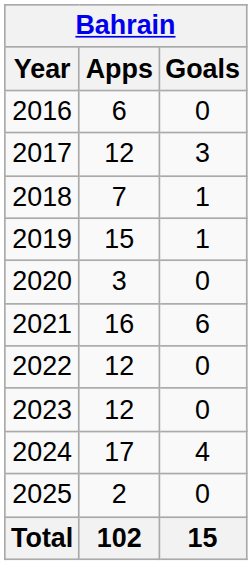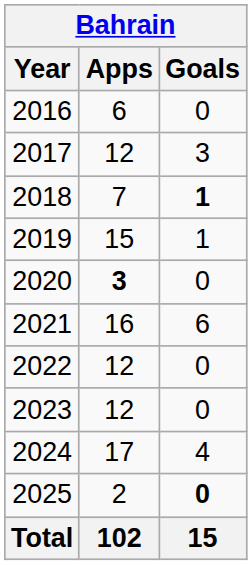 <table class="wikitable" style="text-align:center">
 <tr>
 <th colspan=3><a href='#'>Bahrain</a></th>
 </tr>
 <tr>
 <th>Year</th>
 <th>Apps</th>
 <th>Goals</th>
 </tr>
 <tr>
 <td>2016</td>
 <td>6</td>
 <td>0</td>
 </tr>
 <tr>
 <td>2017</td>
 <td>12</td>
 <td>3</td>
 </tr>
 <tr>
 <td>2018</td>
 <td>7</td>
-<td>1</td>
+<td><strong>1</strong></td>
 </tr>
 <tr>
 <td>2019</td>
 <td>15</td>
 <td>1</td>
 </tr>
 <tr>
 <td>2020</td>
-<td>3</td>
+<td><strong>3</strong></td>
 <td>0</td>
 </tr>
 <tr>
 <td>2021</td>
 <td>16</td>
 <td>6</td>
 </tr>
 <tr>
 <td>2022</td>
 <td>12</td>
 <td>0</td>
 </tr>
 <tr>
 <td>2023</td>
 <td>12</td>
 <td>0</td>
 </tr>
 <tr>
 <td>2024</td>
 <td>17</td>
 <td>4</td>
 </tr>
 <tr>
 <td>2025</td>
 <td>2</td>
-<td>0</td>
+<td><strong>0</strong></td>
 </tr>
 <tr>
 <th>Total</th>
 <th>102</th>
 <th>15</th>
 </tr>
 </table>
